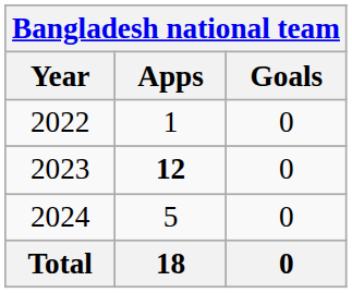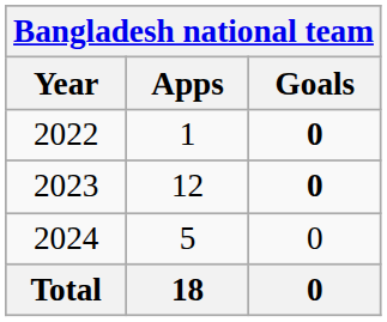 <table class=wikitable style=text-align:center>
 <tr>
 <th colspan=4><a href='#'>Bangladesh national team</a></th>
 </tr>
 <tr>
 <th>Year</th>
 <th>Apps</th>
 <th>Goals</th>
 </tr>
 <tr>
 <td>2022</td>
 <td>1</td>
-<td>0</td>
+<td><strong>0</strong></td>
 </tr>
 <tr>
 <td>2023</td>
-<td><strong>12</strong></td>
-<td>0</td>
+<td>12</td>
+<td><strong>0</strong></td>
 </tr>
 <tr>
 <td>2024</td>
 <td>5</td>
 <td>0</td>
 </tr>
 <tr>
 <th colspan=1>Total</th>
 <th>18</th>
 <th>0</th>
 </tr>
 </table>
